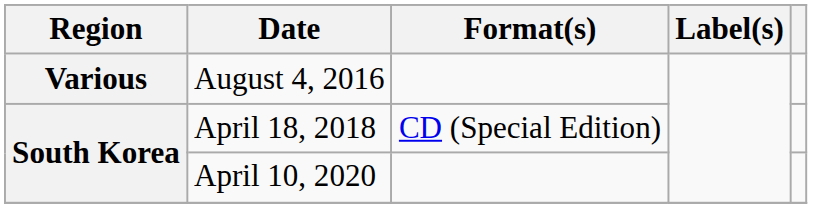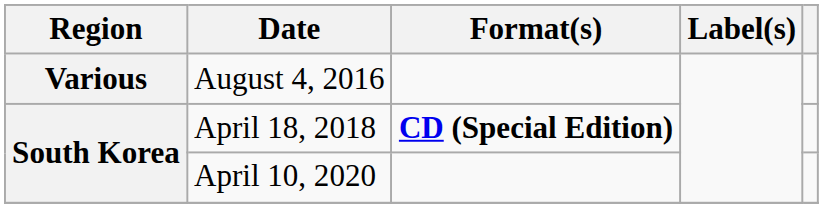 <table class="wikitable plainrowheaders">
 <tr>
 <th scope="col">Region</th>
 <th scope="col">Date</th>
 <th scope="col">Format(s)</th>
 <th scope="col">Label(s)</th>
 <th scope="col"></th>
 </tr>
 <tr>
 <th scope="row">Various</th>
 <td>August 4, 2016</td>
 <td></td>
 <td rowspan="3"></td>
 <td style="text-align:center"></td>
 </tr>
 <tr>
 <th scope="row" rowspan="2">South Korea</th>
 <td>April 18, 2018</td>
-<td><a href='#'>CD</a> (Special Edition)</td>
+<td><strong><a href='#'>CD</a> (Special Edition)</strong></td>
 <td style="text-align:center"></td>
 </tr>
 <tr>
 <td>April 10, 2020</td>
 <td></td>
 <td style="text-align:center"></td>
 </tr>
 <tr>
 </tr>
 </table>
